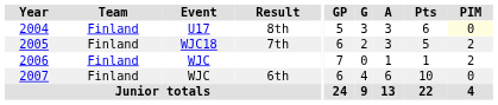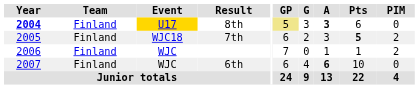 <table border="0" cellpadding="1" cellspacing="0" ID="Table3" style="text-align:center; width:40em">
 <tr ALIGN="center" bgcolor="#e0e0e0">
 <th>Year</th>
 <th>Team</th>
 <th>Event</th>
 <th>Result</th>
 <th rowspan="99" bgcolor="#ffffff"></th>
 <th>GP</th>
 <th>G</th>
 <th>A</th>
 <th>Pts</th>
 <th>PIM</th>
 </tr>
 <tr>
-<td><a href='#'>2004</a></td>
+<td><strong><a href='#'>2004</a></strong></td>
 <td><a href='#'>Finland</a></td>
-<td><a href='#'>U17</a></td>
+<td style="background: gold;"><a href='#'>U17</a></td>
 <td>8th</td>
-<td>5</td>
+<td style="background: khaki;">5</td>
 <td>3</td>
-<td>3</td>
+<td><strong>3</strong></td>
 <td>6</td>
-<td style="background: lightyellow;">0</td>
+<td>0</td>
 </tr>
 <tr bgcolor="#f0f0f0">
 <td><a href='#'>2005</a></td>
 <td>Finland</td>
 <td><a href='#'>WJC18</a></td>
 <td>7th</td>
 <td>6</td>
 <td>2</td>
 <td>3</td>
-<td>5</td>
+<td><strong>5</strong></td>
 <td>2</td>
 </tr>
 <tr>
 <td><a href='#'>2006</a></td>
 <td><a href='#'>Finland</a></td>
 <td><a href='#'>WJC</a></td>
 <td></td>
 <td>7</td>
 <td>0</td>
 <td>1</td>
 <td>1</td>
 <td>2</td>
 </tr>
 <tr bgcolor="#f0f0f0">
 <td><a href='#'>2007</a></td>
 <td>Finland</td>
 <td>WJC</td>
 <td>6th</td>
 <td>6</td>
 <td>4</td>
-<td>6</td>
+<td><strong>6</strong></td>
 <td>10</td>
 <td>0</td>
 </tr>
 <tr bgcolor="#e0e0e0">
 <th colspan="4">Junior totals</th>
 <th>24</th>
 <th>9</th>
 <th>13</th>
 <th>22</th>
 <th>4</th>
 </tr>
 </table>
